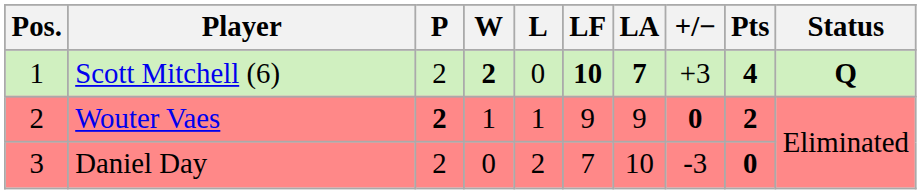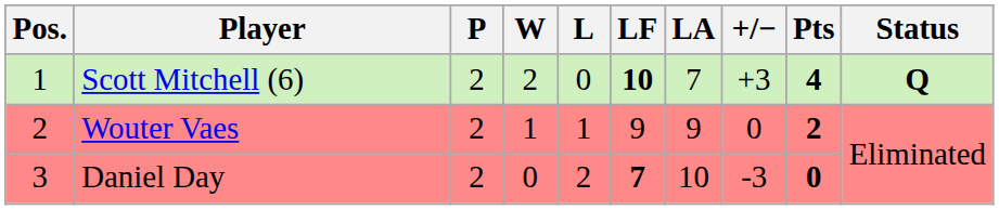 <table class="wikitable" style="text-align:center; margin: 1em auto 1em auto, align:left">
 <tr>
 <th width=20>Pos.</th>
 <th width=185>Player</th>
 <th width=20>P</th>
 <th width=20>W</th>
 <th width=20>L</th>
 <th width=20>LF</th>
 <th width=20>LA</th>
 <th width=25>+/−</th>
 <th width=20>Pts</th>
 <th width=70>Status</th>
 </tr>
 <tr style="background:#D0F0C0;">
 <td>1</td>
 <td align=left> <a href='#'>Scott Mitchell</a> (6)</td>
 <td>2</td>
-<td><strong>2</strong></td>
+<td>2</td>
 <td>0</td>
 <td><strong>10</strong></td>
-<td><strong>7</strong></td>
+<td>7</td>
 <td>+3</td>
 <td><strong>4</strong></td>
 <td rowspan=1><strong>Q</strong></td>
 </tr>
 <tr style="background:#FF8888;">
 <td>2</td>
 <td align=left> <a href='#'>Wouter Vaes</a></td>
-<td><strong>2</strong></td>
+<td>2</td>
 <td>1</td>
 <td>1</td>
 <td>9</td>
 <td>9</td>
-<td><strong>0</strong></td>
+<td>0</td>
 <td><strong>2</strong></td>
 <td rowspan=2>Eliminated</td>
 </tr>
 <tr style="background:#FF8888;">
 <td>3</td>
 <td align=left> Daniel Day</td>
 <td>2</td>
 <td>0</td>
 <td>2</td>
-<td>7</td>
+<td><strong>7</strong></td>
 <td>10</td>
 <td>-3</td>
 <td><strong>0</strong></td>
 </tr>
 </table>
